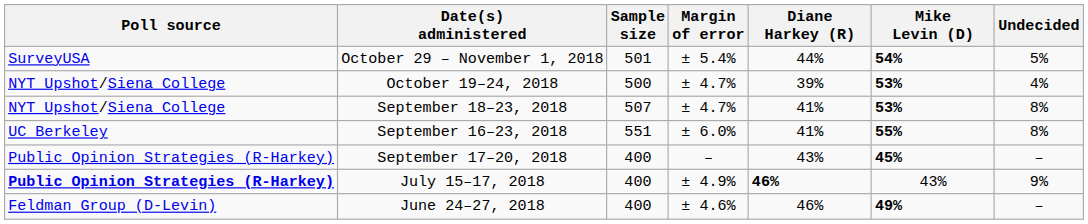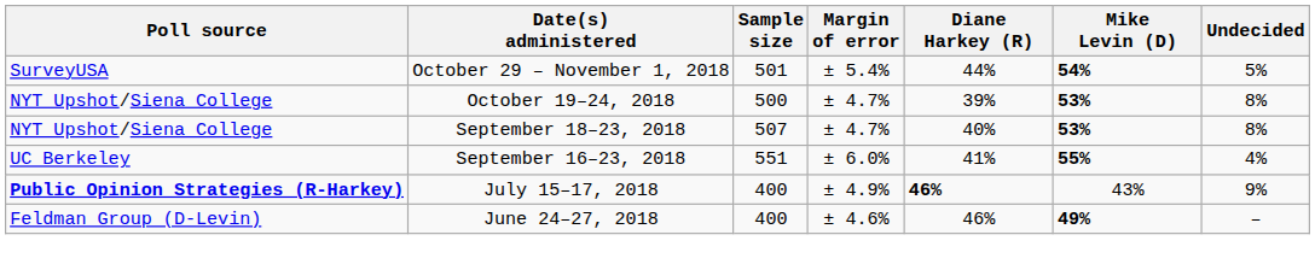 <table class="wikitable">
 <tr>
 <th>Poll source</th>
 <th>Date(s)<br>administered</th>
 <th>Sample<br>size</th>
 <th>Margin<br>of error</th>
 <th style="width:100px;">Diane<br>Harkey (R)</th>
 <th style="width:100px;">Mike<br>Levin (D)</th>
 <th>Undecided</th>
 </tr>
 <tr>
 <td><a href='#'>SurveyUSA</a></td>
 <td style="text-align:center">October 29 – November 1, 2018</td>
 <td style="text-align:center">501</td>
 <td style="text-align:center">± 5.4%</td>
 <td style="text-align:center">44%</td>
 <td style="background-color:"><strong>54%</strong></td>
 <td style="text-align:center">5%</td>
 </tr>
 <tr>
 <td><a href='#'>NYT Upshot</a>/<a href='#'>Siena College</a></td>
 <td style="text-align:center">October 19–24, 2018</td>
 <td style="text-align:center">500</td>
 <td style="text-align:center">± 4.7%</td>
 <td style="text-align:center">39%</td>
 <td style="background-color:"><strong>53%</strong></td>
-<td style="text-align:center">4%</td>
+<td style="text-align:center">8%</td>
 </tr>
 <tr>
 <td><a href='#'>NYT Upshot</a>/<a href='#'>Siena College</a></td>
 <td style="text-align:center">September 18–23, 2018</td>
 <td style="text-align:center">507</td>
 <td style="text-align:center">± 4.7%</td>
-<td style="text-align:center">41%</td>
+<td style="text-align:center">40%</td>
 <td style="background-color:"><strong>53%</strong></td>
 <td style="text-align:center">8%</td>
 </tr>
 <tr>
 <td><a href='#'>UC Berkeley</a></td>
 <td style="text-align:center">September 16–23, 2018</td>
 <td style="text-align:center">551</td>
 <td style="text-align:center">± 6.0%</td>
 <td style="text-align:center">41%</td>
 <td style="background-color:"><strong>55%</strong></td>
-<td style="text-align:center">8%</td>
-</tr>
-<tr>
-<td><a href='#'>Public Opinion Strategies (R-Harkey)</a></td>
-<td style="text-align:center">September 17–20, 2018</td>
-<td style="text-align:center">400</td>
-<td style="text-align:center">–</td>
-<td style="text-align:center">43%</td>
-<td style="background-color:"><strong>45%</strong></td>
-<td style="text-align:center">–</td>
+<td style="text-align:center">4%</td>
 </tr>
 <tr>
 <td><strong><a href='#'>Public Opinion Strategies (R-Harkey)</a></strong></td>
 <td style="text-align:center">July 15–17, 2018</td>
 <td style="text-align:center">400</td>
 <td style="text-align:center">± 4.9%</td>
 <td style="background-color:"><strong>46%</strong></td>
 <td style="text-align:center">43%</td>
 <td style="text-align:center">9%</td>
 </tr>
 <tr>
 <td><a href='#'>Feldman Group (D-Levin)</a></td>
 <td style="text-align:center">June 24–27, 2018</td>
 <td style="text-align:center">400</td>
 <td style="text-align:center">± 4.6%</td>
 <td style="text-align:center">46%</td>
 <td style="background-color:"><strong>49%</strong></td>
 <td style="text-align:center">–</td>
 </tr>
 </table>
